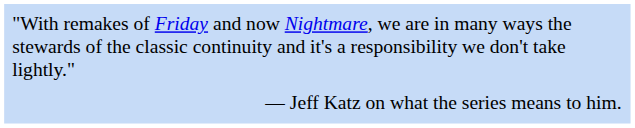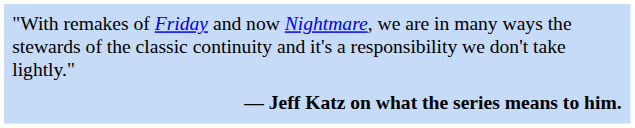 <table class="toccolours" style="float: left; margin-left: 1em; margin-right: 2em; font-size: 85%; background:#c6dbf7; color:black; width:32em; max-width: 40%;" cellspacing="5">
 <tr>
 <td style="text-align: left;">"With remakes of <em><a href='#'>Friday</a></em> and now <em><a href='#'>Nightmare</a></em>, we are in many ways the stewards of the classic continuity and it's a responsibility we don't take lightly."</td>
 </tr>
 <tr>
-<td style="text-align: right;"> — Jeff Katz on what the series means to him.</td>
+<td style="text-align: right;"><strong> — Jeff Katz on what the series means to him.</strong></td>
 </tr>
 </table>
